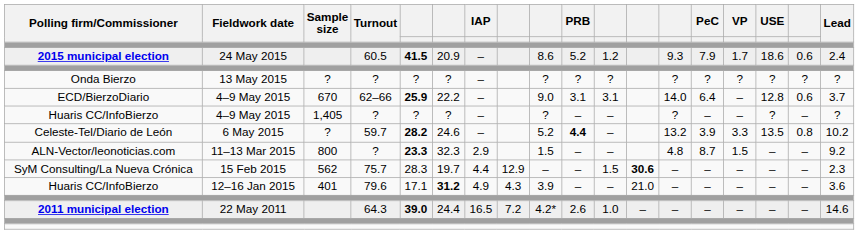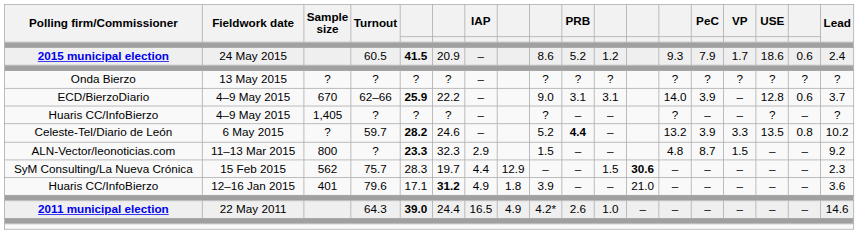 <table class="wikitable collapsible collapsed" style="text-align:center; font-size:95%; line-height:16px;">
 <tr style="height:42px;">
 <th style="width:250px;" rowspan="2">Polling firm/Commissioner</th>
 <th style="width:125px;" rowspan="2">Fieldwork date</th>
 <th style="width:50px;" rowspan="2">Sample size</th>
 <th style="width:45px;" rowspan="2">Turnout</th>
 <th style="width:35px;"></th>
 <th style="width:35px;"></th>
 <th style="width:35px;">IAP</th>
 <th style="width:35px;"></th>
 <th style="width:35px;"></th>
 <th style="width:35px;">PRB</th>
 <th style="width:35px;"></th>
 <th style="width:35px;"></th>
 <th style="width:35px;"></th>
 <th style="width:35px;">PeC</th>
 <th style="width:35px;">VP</th>
 <th style="width:35px;">USE</th>
 <th style="width:35px;"></th>
 <th style="width:30px;" rowspan="2">Lead</th>
 </tr>
 <tr>
 <th style="color:inherit;background:"></th>
 <th style="color:inherit;background:"></th>
 <th style="color:inherit;background:"></th>
 <th style="color:inherit;background:"></th>
 <th style="color:inherit;background:"></th>
 <th style="color:inherit;background:"></th>
 <th style="color:inherit;background:"></th>
 <th style="color:inherit;background:"></th>
 <th style="color:inherit;background:"></th>
 <th style="color:inherit;background:"></th>
 <th style="color:inherit;background:"></th>
 <th style="color:inherit;background:"></th>
 <th style="color:inherit;background:"></th>
 </tr>
 <tr>
 <td colspan="18" style="background:#A0A0A0"></td>
 </tr>
 <tr style="background:#EFEFEF;">
 <td><strong><a href='#'>2015 municipal election</a></strong></td>
 <td>24 May 2015</td>
 <td></td>
 <td>60.5</td>
 <td><strong>41.5</strong><br></td>
 <td>20.9<br></td>
 <td>–</td>
 <td></td>
 <td>8.6<br></td>
 <td>5.2<br></td>
 <td>1.2<br></td>
 <td></td>
 <td>9.3<br></td>
 <td>7.9<br></td>
 <td>1.7<br></td>
 <td>18.6<br></td>
 <td>0.6<br></td>
 <td style="background:">2.4</td>
 </tr>
 <tr>
 <td colspan="18" style="background:#A0A0A0"></td>
 </tr>
 <tr>
 <td>Onda Bierzo</td>
 <td>13 May 2015</td>
 <td>?</td>
 <td>?</td>
 <td>?<br></td>
 <td>?<br></td>
 <td>–</td>
 <td></td>
 <td>?<br></td>
 <td>?<br></td>
 <td>?<br></td>
 <td></td>
 <td>?<br></td>
 <td>?<br></td>
 <td>?<br></td>
 <td>?<br></td>
 <td>?<br></td>
 <td style="background:">?</td>
 </tr>
 <tr>
 <td>ECD/BierzoDiario</td>
 <td>4–9 May 2015</td>
 <td>670</td>
 <td>62–66</td>
 <td><strong>25.9</strong><br></td>
 <td>22.2<br></td>
 <td>–</td>
 <td></td>
 <td>9.0<br></td>
 <td>3.1<br></td>
 <td>3.1<br></td>
 <td></td>
 <td>14.0<br></td>
-<td>6.4<br></td>
+<td>3.9<br></td>
 <td>–</td>
 <td>12.8<br></td>
 <td>0.6<br></td>
 <td style="background:">3.7</td>
 </tr>
 <tr>
 <td>Huaris CC/InfoBierzo</td>
 <td>4–9 May 2015</td>
 <td>1,405</td>
 <td>?</td>
 <td>?<br></td>
 <td>?<br></td>
 <td>–</td>
 <td></td>
 <td>?<br></td>
 <td>–</td>
 <td>–</td>
 <td></td>
 <td>?<br></td>
 <td>–</td>
 <td>–</td>
 <td>?<br></td>
 <td>–</td>
 <td style="background:">?</td>
 </tr>
 <tr>
 <td>Celeste-Tel/Diario de León</td>
 <td>6 May 2015</td>
 <td>?</td>
 <td>59.7</td>
 <td><strong>28.2</strong><br></td>
 <td>24.6<br></td>
 <td>–</td>
 <td></td>
 <td>5.2<br></td>
 <td><strong>4.4<br></strong></td>
 <td>–</td>
 <td></td>
 <td>13.2<br></td>
 <td>3.9<br></td>
 <td>3.3<br></td>
 <td>13.5<br></td>
 <td>0.8<br></td>
 <td style="background:">10.2</td>
 </tr>
 <tr>
 <td>ALN-Vector/leonoticias.com</td>
 <td>11–13 Mar 2015</td>
 <td>800</td>
 <td>?</td>
 <td><strong>23.3</strong><br></td>
 <td>32.3<br></td>
 <td>2.9<br></td>
 <td></td>
 <td>1.5<br></td>
 <td>–</td>
 <td>–</td>
 <td></td>
 <td>4.8<br></td>
 <td>8.7<br></td>
 <td>1.5<br></td>
 <td>–</td>
 <td>–</td>
 <td style="background:">9.2</td>
 </tr>
 <tr>
 <td>SyM Consulting/La Nueva Crónica</td>
 <td>15 Feb 2015</td>
 <td>562</td>
 <td>75.7</td>
 <td>28.3<br></td>
 <td>19.7<br></td>
 <td>4.4<br></td>
 <td>12.9<br></td>
 <td>–</td>
 <td>–</td>
 <td>1.5<br></td>
 <td><strong>30.6</strong><br></td>
 <td>–</td>
 <td>–</td>
 <td>–</td>
 <td>–</td>
 <td>–</td>
 <td style="background:">2.3</td>
 </tr>
 <tr>
 <td>Huaris CC/InfoBierzo</td>
 <td>12–16 Jan 2015</td>
 <td>401</td>
 <td>79.6</td>
 <td>17.1</td>
 <td><strong>31.2</strong></td>
 <td>4.9</td>
-<td>4.3</td>
+<td>1.8</td>
 <td>3.9</td>
 <td>–</td>
 <td>–</td>
 <td>21.0</td>
 <td>–</td>
 <td>–</td>
 <td>–</td>
 <td>–</td>
 <td>–</td>
 <td style="background:">3.6</td>
 </tr>
 <tr>
 <td colspan="18" style="background:#A0A0A0"></td>
 </tr>
 <tr style="background:#EFEFEF;">
 <td><strong><a href='#'>2011 municipal election</a></strong></td>
 <td>22 May 2011</td>
 <td></td>
 <td>64.3</td>
 <td><strong>39.0</strong><br></td>
 <td>24.4<br></td>
 <td>16.5<br></td>
-<td>7.2<br></td>
+<td>4.9<br></td>
 <td>4.2*<br></td>
 <td>2.6<br></td>
 <td>1.0<br></td>
 <td>–</td>
 <td>–</td>
 <td>–</td>
 <td>–</td>
 <td>–</td>
 <td>–</td>
 <td style="background:">14.6</td>
 </tr>
 <tr>
 <td colspan="18" style="background:#A0A0A0"></td>
 </tr>
 <tr>
 <td align="left" colspan="18"></td>
 </tr>
 </table>
